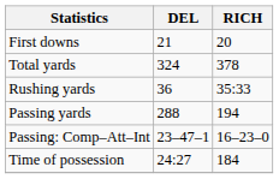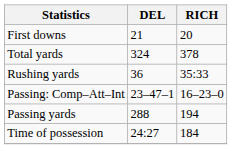 <table class="wikitable" style="float: left;">
 <tr>
 <th>Statistics</th>
 <th>DEL</th>
 <th>RICH</th>
 </tr>
 <tr>
 <td>First downs</td>
 <td>21</td>
 <td>20</td>
 </tr>
 <tr>
 <td>Total yards</td>
 <td>324</td>
 <td>378</td>
 </tr>
 <tr>
 <td>Rushing yards</td>
 <td>36</td>
 <td>35:33</td>
 </tr>
 <tr>
+<td>Passing: Comp–Att–Int</td>
+<td>23–47–1</td>
+<td>16–23–0</td>
+</tr>
+<tr>
 <td>Passing yards</td>
 <td>288</td>
 <td>194</td>
-</tr>
-<tr>
-<td>Passing: Comp–Att–Int</td>
-<td>23–47–1</td>
-<td>16–23–0</td>
 </tr>
 <tr>
 <td>Time of possession</td>
 <td>24:27</td>
 <td>184</td>
 </tr>
 <tr>
 </tr>
 </table>
